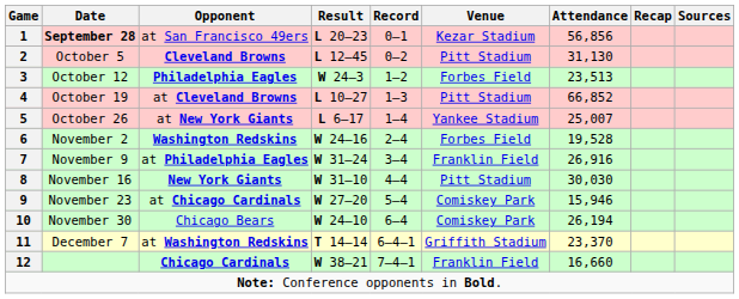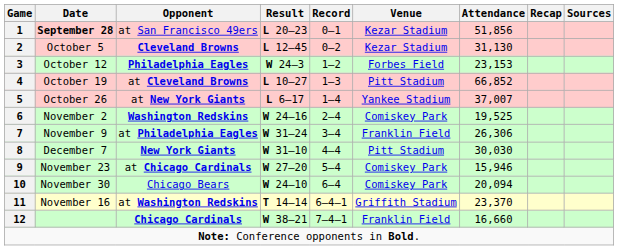 <table class="wikitable" style="text-align:center">
 <tr>
 <th>Game</th>
 <th>Date</th>
 <th>Opponent</th>
 <th>Result</th>
 <th>Record</th>
 <th>Venue</th>
 <th>Attendance</th>
 <th>Recap</th>
 <th>Sources</th>
 </tr>
 <tr style="background:#fcc">
 <th>1</th>
 <td><strong>September 28</strong></td>
 <td>at <a href='#'>San Francisco 49ers</a></td>
 <td><strong>L</strong> 20–23</td>
 <td>0–1</td>
 <td><a href='#'>Kezar Stadium</a></td>
-<td>56,856 </td>
+<td>51,856 </td>
 <td></td>
 <td></td>
 </tr>
 <tr style="background:#fcc">
 <th>2</th>
 <td>October 5</td>
 <td><strong><a href='#'>Cleveland Browns</a></strong></td>
 <td><strong>L</strong> 12–45</td>
 <td>0–2</td>
-<td><a href='#'>Pitt Stadium</a></td>
+<td><a href='#'>Kezar Stadium</a></td>
 <td>31,130</td>
 <td></td>
 <td></td>
 </tr>
 <tr style="background:#cfc">
 <th>3</th>
 <td>October 12</td>
 <td><strong><a href='#'>Philadelphia Eagles</a></strong></td>
 <td><strong>W</strong> 24–3</td>
 <td>1–2</td>
 <td><a href='#'>Forbes Field</a></td>
-<td>23,513</td>
+<td>23,153</td>
 <td></td>
 <td></td>
 </tr>
 <tr style="background:#fcc">
 <th>4</th>
 <td>October 19</td>
 <td>at <strong><a href='#'>Cleveland Browns</a></strong></td>
 <td><strong>L</strong> 10–27</td>
 <td>1–3</td>
 <td><a href='#'>Pitt Stadium</a></td>
 <td>66,852</td>
 <td></td>
 <td></td>
 </tr>
 <tr style="background:#fcc">
 <th>5</th>
 <td>October 26</td>
 <td>at <strong><a href='#'>New York Giants</a></strong></td>
 <td><strong>L</strong> 6–17</td>
 <td>1–4</td>
 <td><a href='#'>Yankee Stadium</a></td>
-<td>25,007</td>
+<td>37,007</td>
 <td></td>
 <td></td>
 </tr>
 <tr style="background:#cfc">
 <th>6</th>
 <td>November 2</td>
 <td><strong><a href='#'>Washington Redskins</a></strong></td>
 <td><strong>W</strong> 24–16</td>
 <td>2–4</td>
-<td><a href='#'>Forbes Field</a></td>
-<td>19,528</td>
+<td><a href='#'>Comiskey Park</a></td>
+<td>19,525</td>
 <td></td>
 <td></td>
 </tr>
 <tr style="background:#cfc">
 <th>7</th>
 <td>November 9</td>
 <td>at <strong><a href='#'>Philadelphia Eagles</a></strong></td>
 <td><strong>W</strong> 31–24</td>
 <td>3–4</td>
 <td><a href='#'>Franklin Field</a></td>
-<td>26,916</td>
+<td>26,306</td>
 <td></td>
 <td></td>
 </tr>
 <tr style="background:#cfc">
 <th>8</th>
-<td>November 16</td>
+<td>December 7</td>
 <td><strong><a href='#'>New York Giants</a></strong></td>
 <td><strong>W</strong> 31–10</td>
 <td>4–4</td>
 <td><a href='#'>Pitt Stadium</a></td>
 <td>30,030</td>
 <td></td>
 <td></td>
 </tr>
 <tr style="background:#cfc">
 <th>9</th>
 <td>November 23</td>
 <td>at <strong><a href='#'>Chicago Cardinals</a></strong></td>
 <td><strong>W</strong> 27–20</td>
 <td>5–4</td>
 <td><a href='#'>Comiskey Park</a></td>
 <td>15,946</td>
 <td></td>
 <td></td>
 </tr>
 <tr style="background:#cfc">
 <th>10</th>
 <td>November 30</td>
 <td><a href='#'>Chicago Bears</a></td>
 <td><strong>W</strong> 24–10</td>
 <td>6–4</td>
 <td><a href='#'>Comiskey Park</a></td>
-<td>26,194</td>
+<td>20,094</td>
 <td></td>
 <td></td>
 </tr>
 <tr style="background:#ffc">
 <th>11</th>
-<td>December 7</td>
+<td>November 16</td>
 <td>at <strong><a href='#'>Washington Redskins</a></strong></td>
 <td><strong>T</strong> 14–14</td>
 <td>6–4–1</td>
 <td><a href='#'>Griffith Stadium</a></td>
 <td>23,370</td>
 <td></td>
 <td></td>
 </tr>
 <tr style="background:#cfc">
 <th>12</th>
 <td></td>
 <td><strong><a href='#'>Chicago Cardinals</a></strong></td>
 <td><strong>W</strong> 38–21</td>
 <td>7–4–1</td>
 <td><a href='#'>Franklin Field</a></td>
 <td>16,660</td>
 <td></td>
 <td></td>
 </tr>
 <tr>
 <td colspan="10"><strong>Note:</strong> Conference opponents in <strong>Bold</strong>.</td>
 </tr>
 </table>
